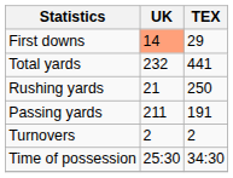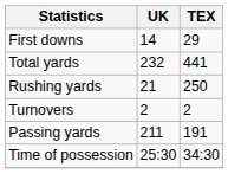 <table class="wikitable" style="float: left;">
 <tr>
 <th>Statistics</th>
 <th>UK</th>
 <th>TEX</th>
 </tr>
 <tr>
 <td>First downs</td>
-<td style="background: lightsalmon;">14</td>
+<td>14</td>
 <td>29</td>
 </tr>
 <tr>
 <td>Total yards</td>
 <td>232</td>
 <td>441</td>
 </tr>
 <tr>
 <td>Rushing yards</td>
 <td>21</td>
 <td>250</td>
 </tr>
 <tr>
+<td>Turnovers</td>
+<td>2</td>
+<td>2</td>
+</tr>
+<tr>
 <td>Passing yards</td>
 <td>211</td>
 <td>191</td>
-</tr>
-<tr>
-<td>Turnovers</td>
-<td>2</td>
-<td>2</td>
 </tr>
 <tr>
 <td>Time of possession</td>
 <td>25:30</td>
 <td>34:30</td>
 </tr>
 <tr>
 </tr>
 </table>
